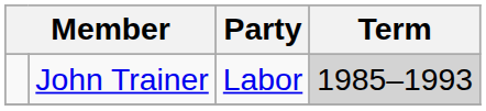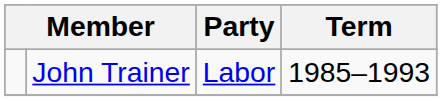 <table class="wikitable">
 <tr>
 <th colspan="2">Member</th>
 <th>Party</th>
 <th>Term</th>
 </tr>
 <tr>
 <td> </td>
 <td><a href='#'>John Trainer</a></td>
 <td><a href='#'>Labor</a></td>
-<td style="background: lightgrey;">1985–1993</td>
+<td>1985–1993</td>
 </tr>
 <tr>
 </tr>
 </table>
